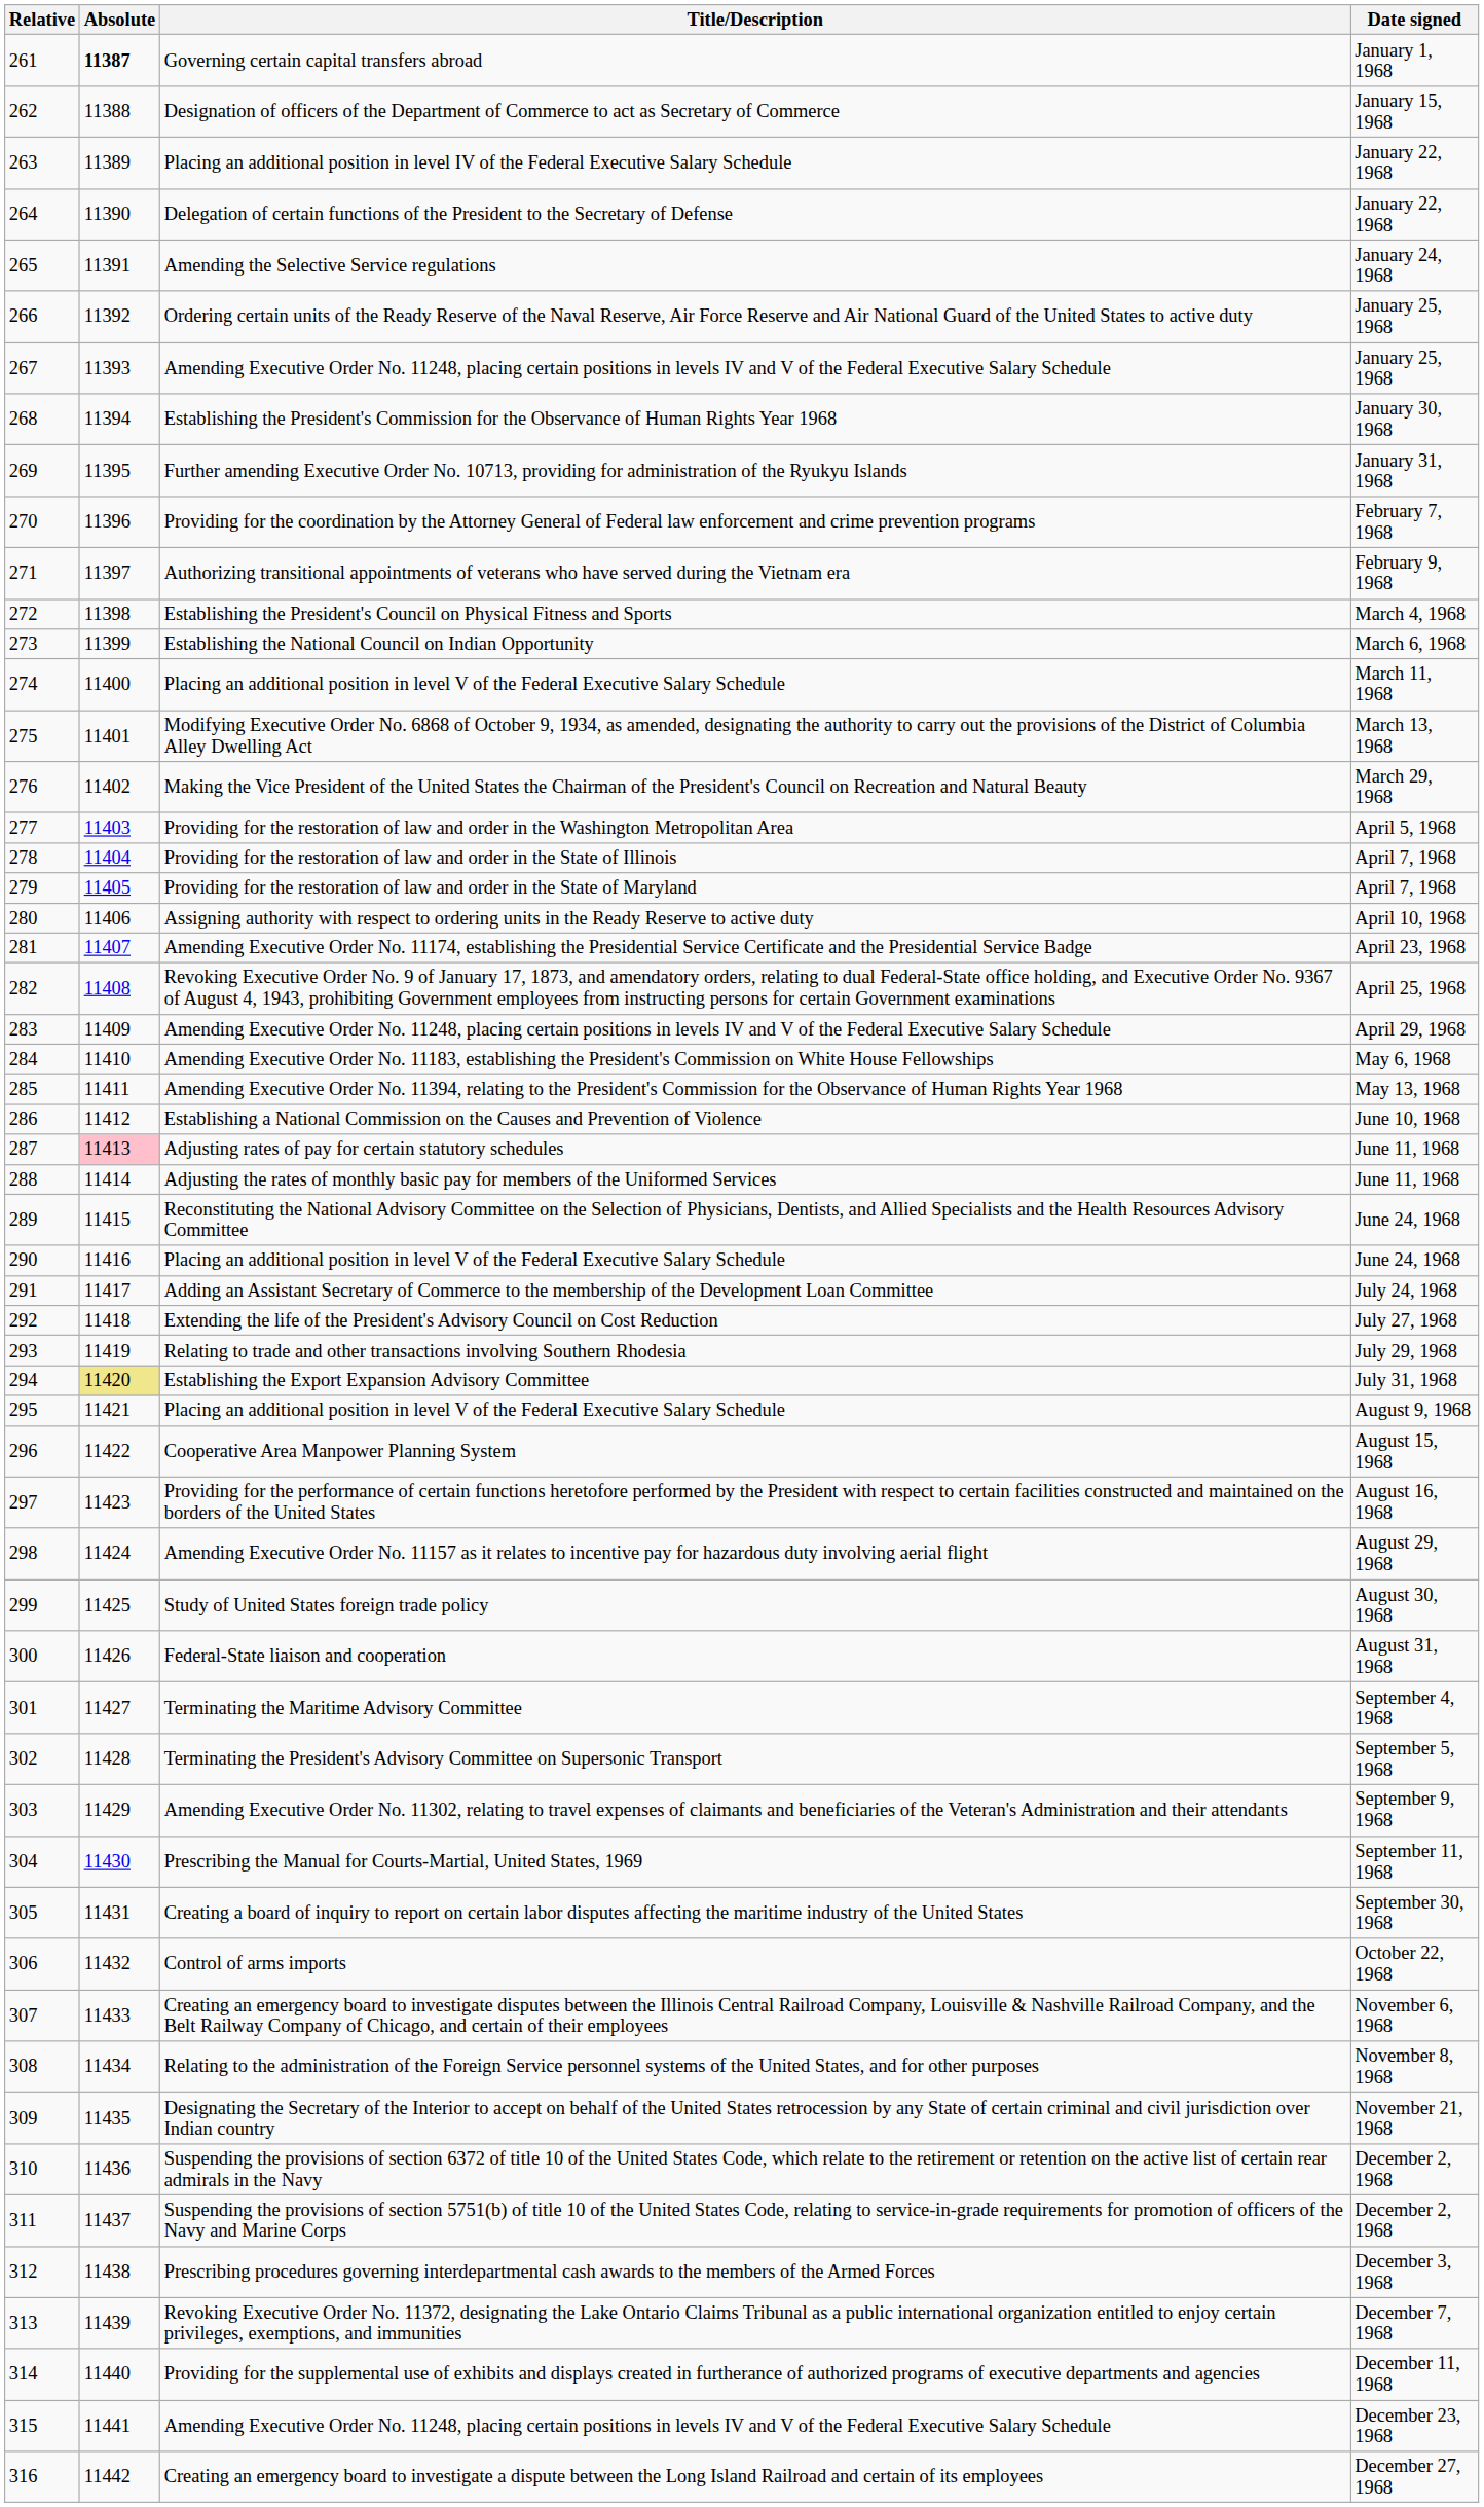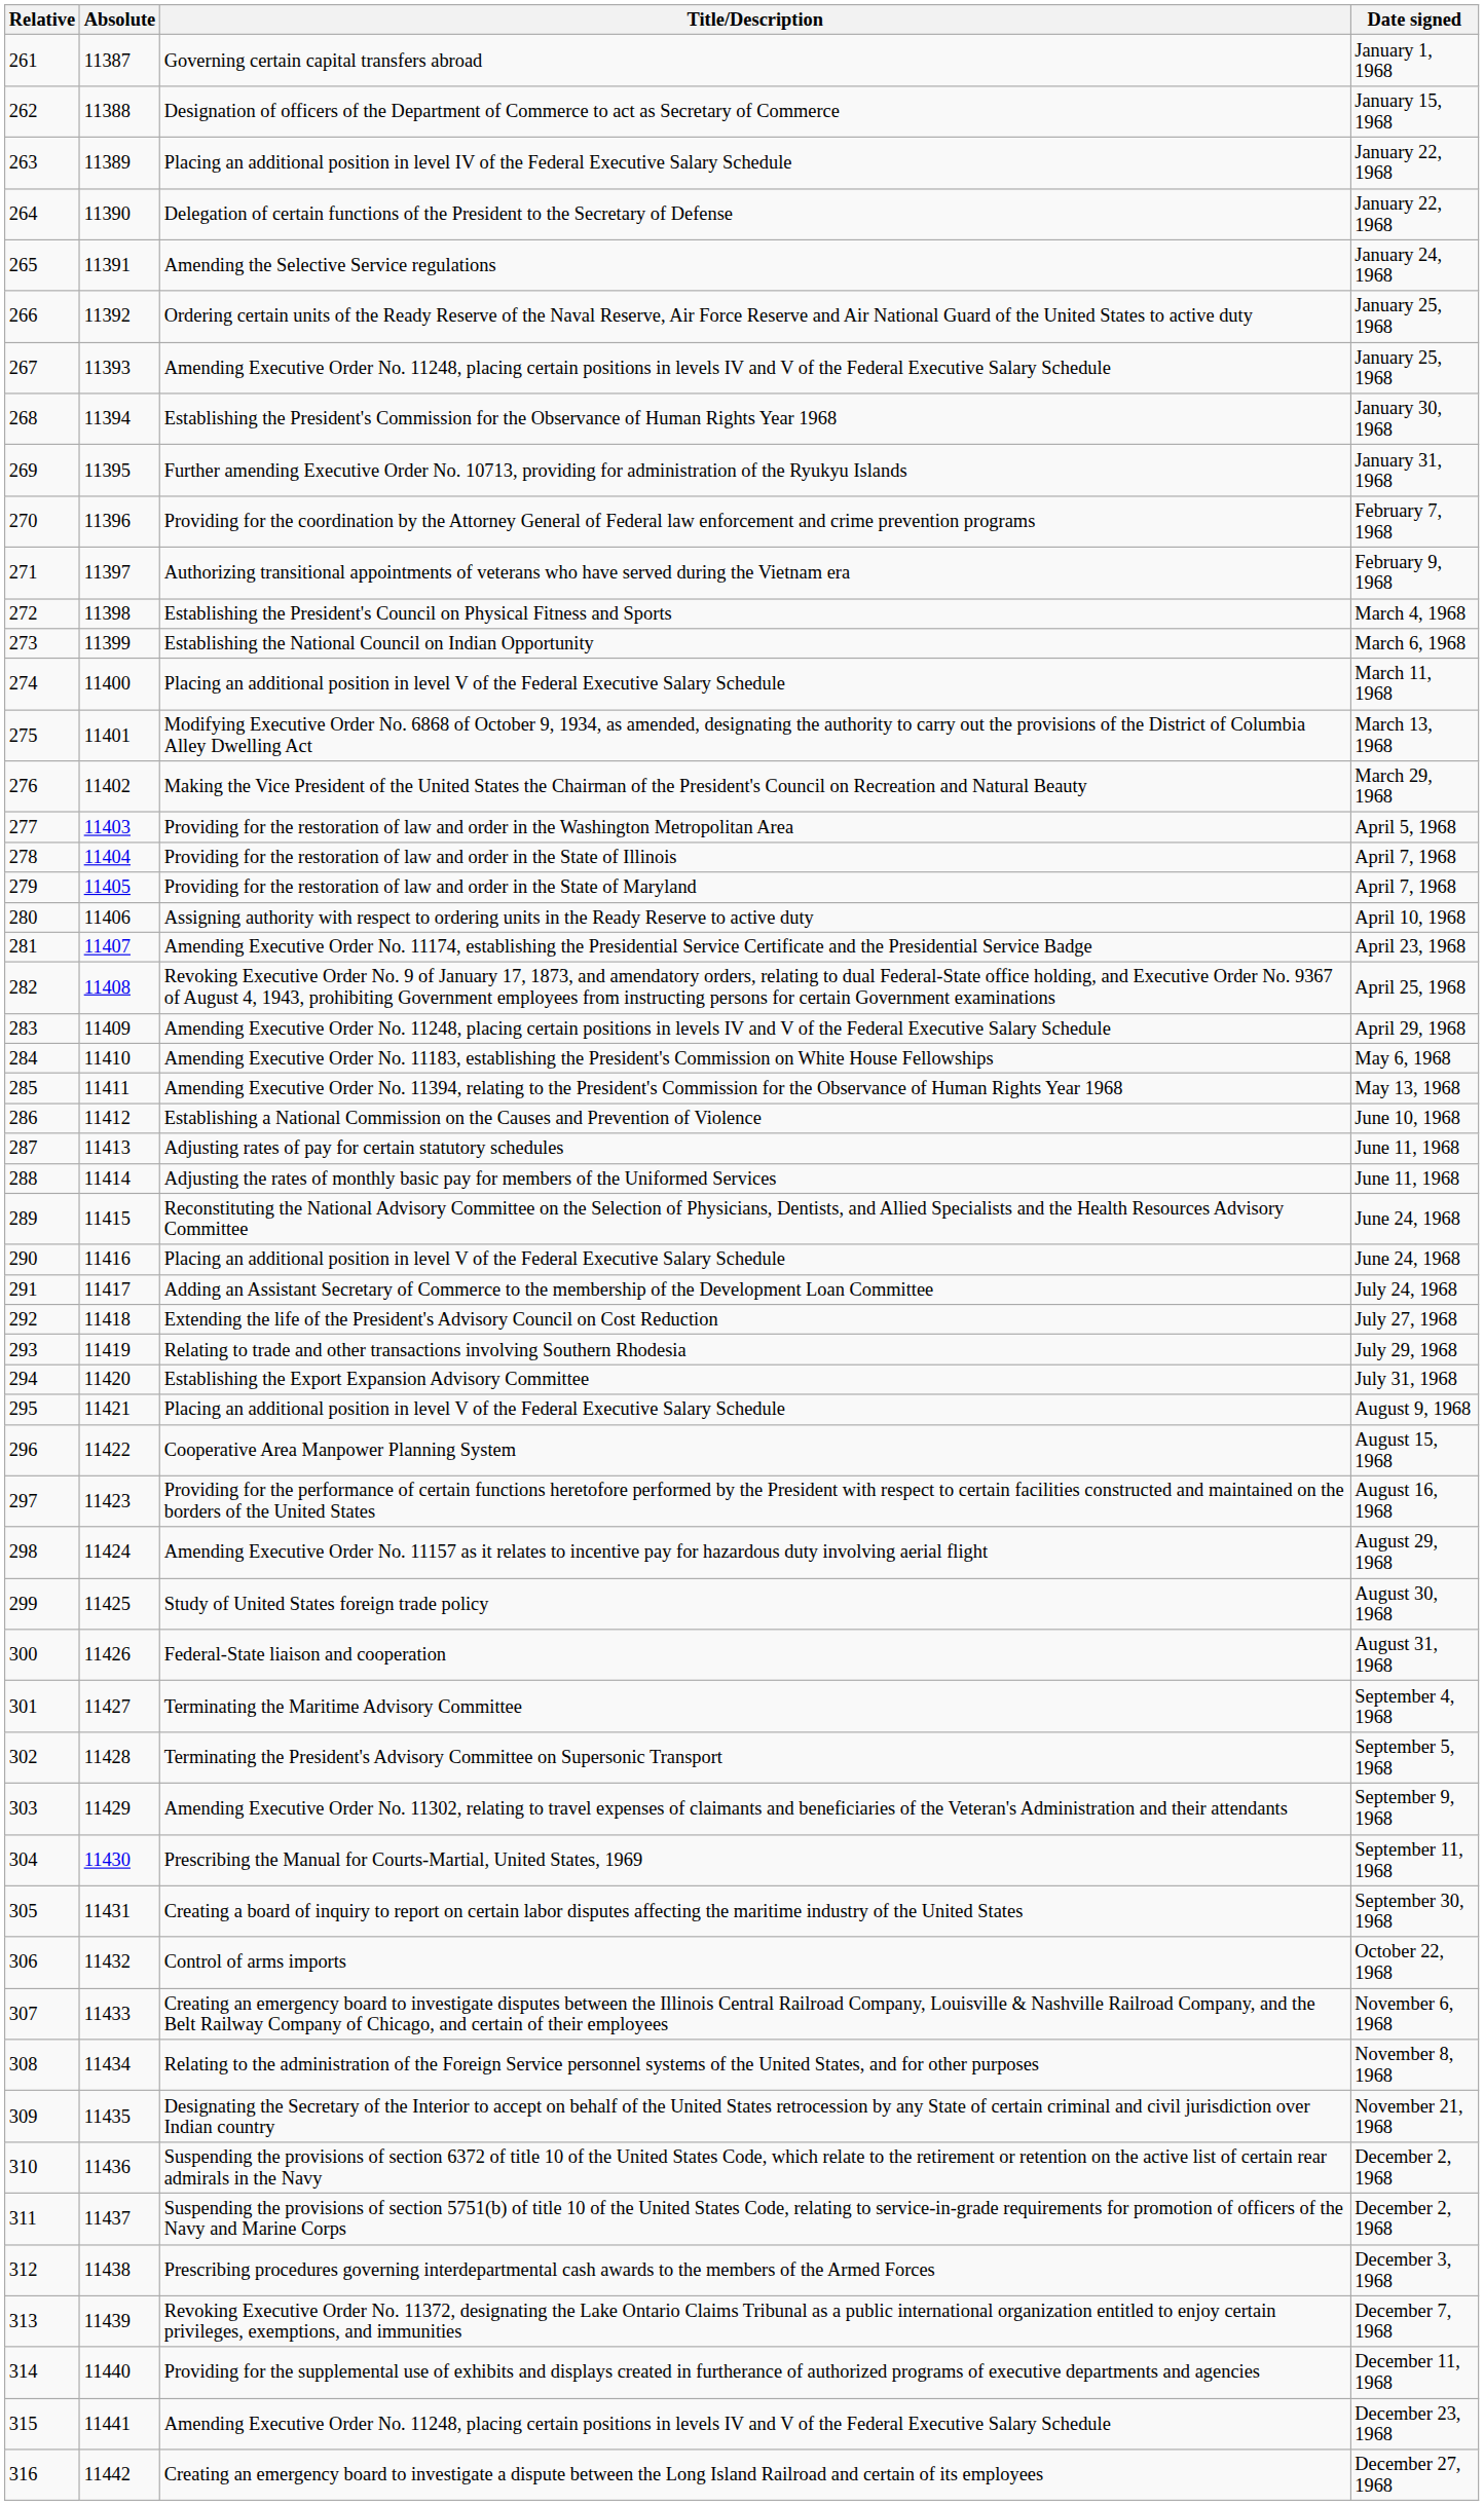 <table class="wikitable">
 <tr>
 <th>Relative </th>
 <th>Absolute </th>
 <th>Title/Description</th>
 <th>Date signed</th>
 </tr>
 <tr>
 <td>261</td>
-<td><strong>11387</strong></td>
+<td>11387</td>
 <td>Governing certain capital transfers abroad</td>
 <td>January 1, 1968</td>
 </tr>
 <tr>
 <td>262</td>
 <td>11388</td>
 <td>Designation of officers of the Department of Commerce to act as Secretary of Commerce</td>
 <td>January 15, 1968</td>
 </tr>
 <tr>
 <td>263</td>
 <td>11389</td>
 <td>Placing an additional position in level IV of the Federal Executive Salary Schedule</td>
 <td>January 22, 1968</td>
 </tr>
 <tr>
 <td>264</td>
 <td>11390</td>
 <td>Delegation of certain functions of the President to the Secretary of Defense</td>
 <td>January 22, 1968</td>
 </tr>
 <tr>
 <td>265</td>
 <td>11391</td>
 <td>Amending the Selective Service regulations</td>
 <td>January 24, 1968</td>
 </tr>
 <tr>
 <td>266</td>
 <td>11392</td>
 <td>Ordering certain units of the Ready Reserve of the Naval Reserve, Air Force Reserve and Air National Guard of the United States to active duty</td>
 <td>January 25, 1968</td>
 </tr>
 <tr>
 <td>267</td>
 <td>11393</td>
 <td>Amending Executive Order No. 11248, placing certain positions in levels IV and V of the Federal Executive Salary Schedule</td>
 <td>January 25, 1968</td>
 </tr>
 <tr>
 <td>268</td>
 <td>11394</td>
 <td>Establishing the President's Commission for the Observance of Human Rights Year 1968</td>
 <td>January 30, 1968</td>
 </tr>
 <tr>
 <td>269</td>
 <td>11395</td>
 <td>Further amending Executive Order No. 10713, providing for administration of the Ryukyu Islands</td>
 <td>January 31, 1968</td>
 </tr>
 <tr>
 <td>270</td>
 <td>11396</td>
 <td>Providing for the coordination by the Attorney General of Federal law enforcement and crime prevention programs</td>
 <td>February 7, 1968</td>
 </tr>
 <tr>
 <td>271</td>
 <td>11397</td>
 <td>Authorizing transitional appointments of veterans who have served during the Vietnam era</td>
 <td>February 9, 1968</td>
 </tr>
 <tr>
 <td>272</td>
 <td>11398</td>
 <td>Establishing the President's Council on Physical Fitness and Sports</td>
 <td>March 4, 1968</td>
 </tr>
 <tr>
 <td>273</td>
 <td>11399</td>
 <td>Establishing the National Council on Indian Opportunity</td>
 <td>March 6, 1968</td>
 </tr>
 <tr>
 <td>274</td>
 <td>11400</td>
 <td>Placing an additional position in level V of the Federal Executive Salary Schedule</td>
 <td>March 11, 1968</td>
 </tr>
 <tr>
 <td>275</td>
 <td>11401</td>
 <td>Modifying Executive Order No. 6868 of October 9, 1934, as amended, designating the authority to carry out the provisions of the District of Columbia Alley Dwelling Act</td>
 <td>March 13, 1968</td>
 </tr>
 <tr>
 <td>276</td>
 <td>11402</td>
 <td>Making the Vice President of the United States the Chairman of the President's Council on Recreation and Natural Beauty</td>
 <td>March 29, 1968</td>
 </tr>
 <tr>
 <td>277</td>
 <td><a href='#'>11403</a></td>
 <td>Providing for the restoration of law and order in the Washington Metropolitan Area</td>
 <td>April 5, 1968</td>
 </tr>
 <tr>
 <td>278</td>
 <td><a href='#'>11404</a></td>
 <td>Providing for the restoration of law and order in the State of Illinois</td>
 <td>April 7, 1968</td>
 </tr>
 <tr>
 <td>279</td>
 <td><a href='#'>11405</a></td>
 <td>Providing for the restoration of law and order in the State of Maryland</td>
 <td>April 7, 1968</td>
 </tr>
 <tr>
 <td>280</td>
 <td>11406</td>
 <td>Assigning authority with respect to ordering units in the Ready Reserve to active duty</td>
 <td>April 10, 1968</td>
 </tr>
 <tr>
 <td>281</td>
 <td><a href='#'>11407</a></td>
 <td>Amending Executive Order No. 11174, establishing the Presidential Service Certificate and the Presidential Service Badge</td>
 <td>April 23, 1968</td>
 </tr>
 <tr>
 <td>282</td>
 <td><a href='#'>11408</a></td>
 <td>Revoking Executive Order No. 9 of January 17, 1873, and amendatory orders, relating to dual Federal-State office holding, and Executive Order No. 9367 of August 4, 1943, prohibiting Government employees from instructing persons for certain Government examinations</td>
 <td>April 25, 1968</td>
 </tr>
 <tr>
 <td>283</td>
 <td>11409</td>
 <td>Amending Executive Order No. 11248, placing certain positions in levels IV and V of the Federal Executive Salary Schedule</td>
 <td>April 29, 1968</td>
 </tr>
 <tr>
 <td>284</td>
 <td>11410</td>
 <td>Amending Executive Order No. 11183, establishing the President's Commission on White House Fellowships</td>
 <td>May 6, 1968</td>
 </tr>
 <tr>
 <td>285</td>
 <td>11411</td>
 <td>Amending Executive Order No. 11394, relating to the President's Commission for the Observance of Human Rights Year 1968</td>
 <td>May 13, 1968</td>
 </tr>
 <tr>
 <td>286</td>
 <td>11412</td>
 <td>Establishing a National Commission on the Causes and Prevention of Violence</td>
 <td>June 10, 1968</td>
 </tr>
 <tr>
 <td>287</td>
-<td style="background: pink;">11413</td>
+<td>11413</td>
 <td>Adjusting rates of pay for certain statutory schedules</td>
 <td>June 11, 1968</td>
 </tr>
 <tr>
 <td>288</td>
 <td>11414</td>
 <td>Adjusting the rates of monthly basic pay for members of the Uniformed Services</td>
 <td>June 11, 1968</td>
 </tr>
 <tr>
 <td>289</td>
 <td>11415</td>
 <td>Reconstituting the National Advisory Committee on the Selection of Physicians, Dentists, and Allied Specialists and the Health Resources Advisory Committee</td>
 <td>June 24, 1968</td>
 </tr>
 <tr>
 <td>290</td>
 <td>11416</td>
 <td>Placing an additional position in level V of the Federal Executive Salary Schedule</td>
 <td>June 24, 1968</td>
 </tr>
 <tr>
 <td>291</td>
 <td>11417</td>
 <td>Adding an Assistant Secretary of Commerce to the membership of the Development Loan Committee</td>
 <td>July 24, 1968</td>
 </tr>
 <tr>
 <td>292</td>
 <td>11418</td>
 <td>Extending the life of the President's Advisory Council on Cost Reduction</td>
 <td>July 27, 1968</td>
 </tr>
 <tr>
 <td>293</td>
 <td>11419</td>
 <td>Relating to trade and other transactions involving Southern Rhodesia</td>
 <td>July 29, 1968</td>
 </tr>
 <tr>
 <td>294</td>
-<td style="background: khaki;">11420</td>
+<td>11420</td>
 <td>Establishing the Export Expansion Advisory Committee</td>
 <td>July 31, 1968</td>
 </tr>
 <tr>
 <td>295</td>
 <td>11421</td>
 <td>Placing an additional position in level V of the Federal Executive Salary Schedule</td>
 <td>August 9, 1968</td>
 </tr>
 <tr>
 <td>296</td>
 <td>11422</td>
 <td>Cooperative Area Manpower Planning System</td>
 <td>August 15, 1968</td>
 </tr>
 <tr>
 <td>297</td>
 <td>11423</td>
 <td>Providing for the performance of certain functions heretofore performed by the President with respect to certain facilities constructed and maintained on the borders of the United States</td>
 <td>August 16, 1968</td>
 </tr>
 <tr>
 <td>298</td>
 <td>11424</td>
 <td>Amending Executive Order No. 11157 as it relates to incentive pay for hazardous duty involving aerial flight</td>
 <td>August 29, 1968</td>
 </tr>
 <tr>
 <td>299</td>
 <td>11425</td>
 <td>Study of United States foreign trade policy</td>
 <td>August 30, 1968</td>
 </tr>
 <tr>
 <td>300</td>
 <td>11426</td>
 <td>Federal-State liaison and cooperation</td>
 <td>August 31, 1968</td>
 </tr>
 <tr>
 <td>301</td>
 <td>11427</td>
 <td>Terminating the Maritime Advisory Committee</td>
 <td>September 4, 1968</td>
 </tr>
 <tr>
 <td>302</td>
 <td>11428</td>
 <td>Terminating the President's Advisory Committee on Supersonic Transport</td>
 <td>September 5, 1968</td>
 </tr>
 <tr>
 <td>303</td>
 <td>11429</td>
 <td>Amending Executive Order No. 11302, relating to travel expenses of claimants and beneficiaries of the Veteran's Administration and their attendants</td>
 <td>September 9, 1968</td>
 </tr>
 <tr>
 <td>304</td>
 <td><a href='#'>11430</a></td>
 <td>Prescribing the Manual for Courts-Martial, United States, 1969</td>
 <td>September 11, 1968</td>
 </tr>
 <tr>
 <td>305</td>
 <td>11431</td>
 <td>Creating a board of inquiry to report on certain labor disputes affecting the maritime industry of the United States</td>
 <td>September 30, 1968</td>
 </tr>
 <tr>
 <td>306</td>
 <td>11432</td>
 <td>Control of arms imports</td>
 <td>October 22, 1968</td>
 </tr>
 <tr>
 <td>307</td>
 <td>11433</td>
 <td>Creating an emergency board to investigate disputes between the Illinois Central Railroad Company, Louisville & Nashville Railroad Company, and the Belt Railway Company of Chicago, and certain of their employees</td>
 <td>November 6, 1968</td>
 </tr>
 <tr>
 <td>308</td>
 <td>11434</td>
 <td>Relating to the administration of the Foreign Service personnel systems of the United States, and for other purposes</td>
 <td>November 8, 1968</td>
 </tr>
 <tr>
 <td>309</td>
 <td>11435</td>
 <td>Designating the Secretary of the Interior to accept on behalf of the United States retrocession by any State of certain criminal and civil jurisdiction over Indian country</td>
 <td>November 21, 1968</td>
 </tr>
 <tr>
 <td>310</td>
 <td>11436</td>
 <td>Suspending the provisions of section 6372 of title 10 of the United States Code, which relate to the retirement or retention on the active list of certain rear admirals in the Navy</td>
 <td>December 2, 1968</td>
 </tr>
 <tr>
 <td>311</td>
 <td>11437</td>
 <td>Suspending the provisions of section 5751(b) of title 10 of the United States Code, relating to service-in-grade requirements for promotion of officers of the Navy and Marine Corps</td>
 <td>December 2, 1968</td>
 </tr>
 <tr>
 <td>312</td>
 <td>11438</td>
 <td>Prescribing procedures governing interdepartmental cash awards to the members of the Armed Forces</td>
 <td>December 3, 1968</td>
 </tr>
 <tr>
 <td>313</td>
 <td>11439</td>
 <td>Revoking Executive Order No. 11372, designating the Lake Ontario Claims Tribunal as a public international organization entitled to enjoy certain privileges, exemptions, and immunities</td>
 <td>December 7, 1968</td>
 </tr>
 <tr>
 <td>314</td>
 <td>11440</td>
 <td>Providing for the supplemental use of exhibits and displays created in furtherance of authorized programs of executive departments and agencies</td>
 <td>December 11, 1968</td>
 </tr>
 <tr>
 <td>315</td>
 <td>11441</td>
 <td>Amending Executive Order No. 11248, placing certain positions in levels IV and V of the Federal Executive Salary Schedule</td>
 <td>December 23, 1968</td>
 </tr>
 <tr>
 <td>316</td>
 <td>11442</td>
 <td>Creating an emergency board to investigate a dispute between the Long Island Railroad and certain of its employees</td>
 <td>December 27, 1968</td>
 </tr>
 </table>
